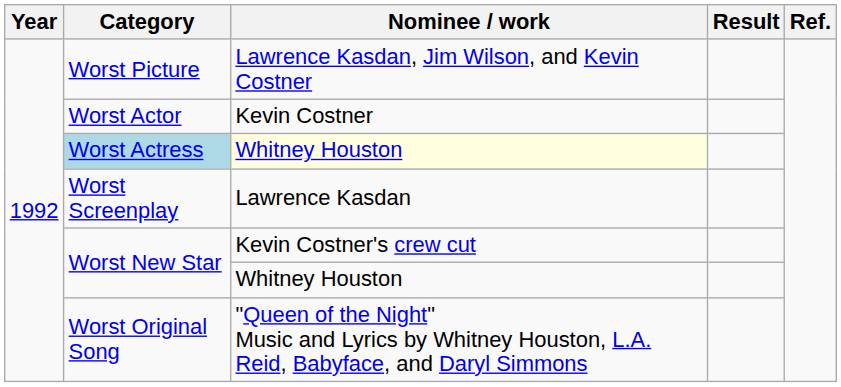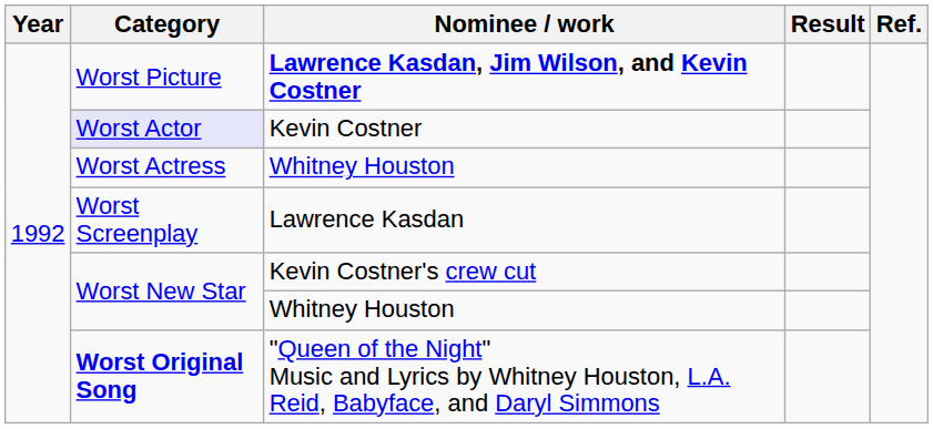 <table class="wikitable">
 <tr>
 <th>Year</th>
 <th>Category</th>
 <th>Nominee / work</th>
 <th>Result</th>
 <th>Ref.</th>
 </tr>
 <tr>
 <td rowspan="7"><a href='#'>1992</a></td>
 <td><a href='#'>Worst Picture</a></td>
-<td><a href='#'>Lawrence Kasdan</a>, <a href='#'>Jim Wilson</a>, and <a href='#'>Kevin Costner</a></td>
+<td><strong><a href='#'>Lawrence Kasdan</a>, <a href='#'>Jim Wilson</a>, and <a href='#'>Kevin Costner</a></strong></td>
 <td></td>
 <td rowspan="7" align="center"></td>
 </tr>
 <tr>
-<td><a href='#'>Worst Actor</a></td>
+<td style="background: lavender;"><a href='#'>Worst Actor</a></td>
 <td>Kevin Costner</td>
 <td></td>
 </tr>
 <tr>
-<td style="background: lightblue;"><a href='#'>Worst Actress</a></td>
-<td style="background: lightyellow;"><a href='#'>Whitney Houston</a></td>
+<td><a href='#'>Worst Actress</a></td>
+<td><a href='#'>Whitney Houston</a></td>
 <td></td>
 </tr>
 <tr>
 <td><a href='#'>Worst Screenplay</a></td>
 <td>Lawrence Kasdan</td>
 <td></td>
 </tr>
 <tr>
 <td rowspan="2"><a href='#'>Worst New Star</a></td>
 <td>Kevin Costner's <a href='#'>crew cut</a></td>
 <td></td>
 </tr>
 <tr>
 <td>Whitney Houston</td>
 <td></td>
 </tr>
 <tr>
-<td><a href='#'>Worst Original Song</a></td>
+<td><strong><a href='#'>Worst Original Song</a></strong></td>
 <td>"<a href='#'>Queen of the Night</a>" <br> Music and Lyrics by Whitney Houston, <a href='#'>L.A. Reid</a>, <a href='#'>Babyface</a>, and <a href='#'>Daryl Simmons</a></td>
 <td></td>
 </tr>
 </table>
